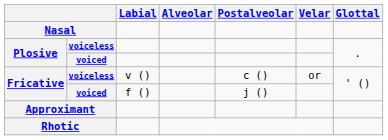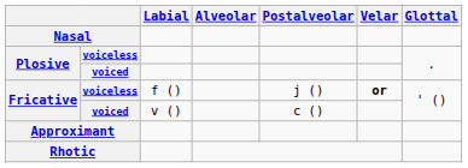 <table class="wikitable" style="text-align: center;">
 <tr>
 <th colspan="2"></th>
 <th><a href='#'>Labial</a></th>
 <th><a href='#'>Alveolar</a></th>
 <th><a href='#'>Postalveolar</a></th>
 <th><a href='#'>Velar</a></th>
 <th><a href='#'>Glottal</a></th>
 </tr>
 <tr>
 <th colspan="2"><a href='#'>Nasal</a></th>
 <td></td>
 <td></td>
 <td></td>
 <td></td>
 <td></td>
 </tr>
 <tr>
 <th rowspan="2"><a href='#'>Plosive</a></th>
 <th style="font-size: 80%;"><a href='#'>voiceless</a></th>
 <td></td>
 <td></td>
 <td></td>
 <td></td>
 <td rowspan="2">. </td>
 </tr>
 <tr>
 <th style="font-size: 80%;"><a href='#'>voiced</a></th>
 <td></td>
 <td></td>
 <td></td>
 <td></td>
 </tr>
 <tr>
 <th rowspan="2"><a href='#'>Fricative</a></th>
 <th style="font-size: 80%;"><a href='#'>voiceless</a></th>
-<td>v  ()</td>
+<td>f  ()</td>
 <td></td>
-<td>c  ()</td>
-<td> or </td>
+<td>j  ()</td>
+<td><strong> or </strong></td>
 <td rowspan="2">'  ()</td>
 </tr>
 <tr>
 <th style="font-size: 80%;"><a href='#'>voiced</a></th>
-<td>f  ()</td>
+<td>v  ()</td>
 <td></td>
-<td>j  ()</td>
+<td>c  ()</td>
 <td></td>
 </tr>
 <tr>
 <th colspan="2"><a href='#'>Approximant</a></th>
 <td></td>
 <td></td>
 <td></td>
 <td></td>
 <td></td>
 </tr>
 <tr>
 <th colspan="2"><a href='#'>Rhotic</a></th>
 <td></td>
 <td colspan="3"></td>
 <td></td>
 </tr>
 </table>
